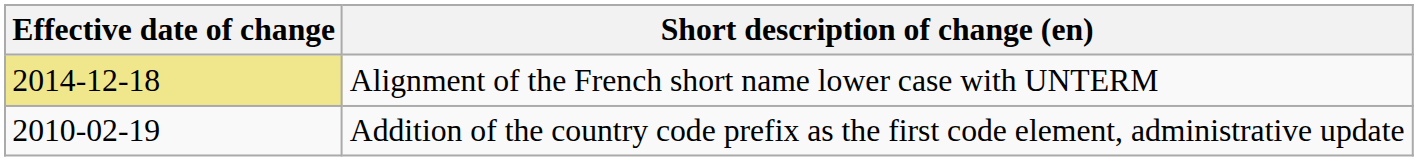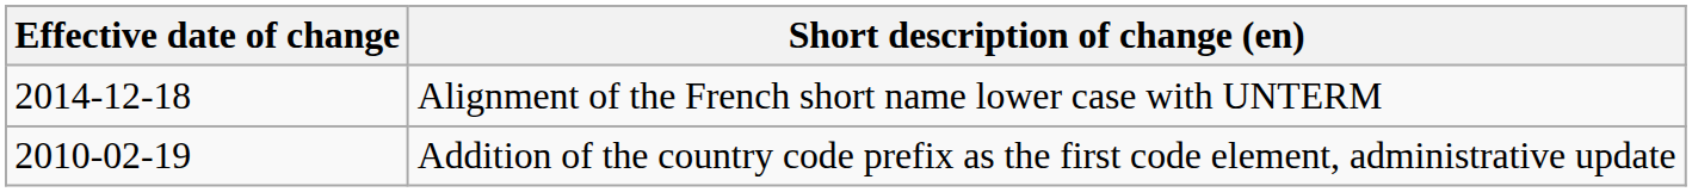 <table class="wikitable">
 <tr>
 <th>Effective date of change</th>
 <th>Short description of change (en)</th>
 </tr>
 <tr>
-<td style="background: khaki;">2014-12-18</td>
+<td>2014-12-18</td>
 <td>Alignment of the French short name lower case with UNTERM</td>
 </tr>
 <tr>
 <td>2010-02-19</td>
 <td>Addition of the country code prefix as the first code element, administrative update</td>
 </tr>
 </table>
